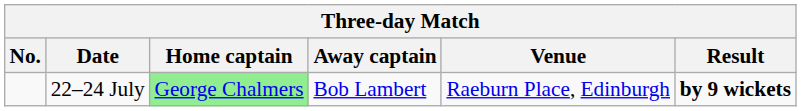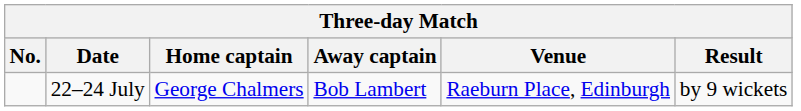 <table class="wikitable">
 <tr>
 <th colspan="9">Three-day Match</th>
 </tr>
 <tr>
 <th>No.</th>
 <th>Date</th>
 <th>Home captain</th>
 <th>Away captain</th>
 <th>Venue</th>
 <th>Result</th>
 </tr>
 <tr>
 <td></td>
 <td>22–24 July</td>
-<td style="background: lightgreen;"><a href='#'>George Chalmers</a></td>
+<td><a href='#'>George Chalmers</a></td>
 <td><a href='#'>Bob Lambert</a></td>
 <td><a href='#'>Raeburn Place</a>, <a href='#'>Edinburgh</a></td>
-<td><strong> by 9 wickets</strong></td>
+<td> by 9 wickets</td>
 </tr>
 </table>
